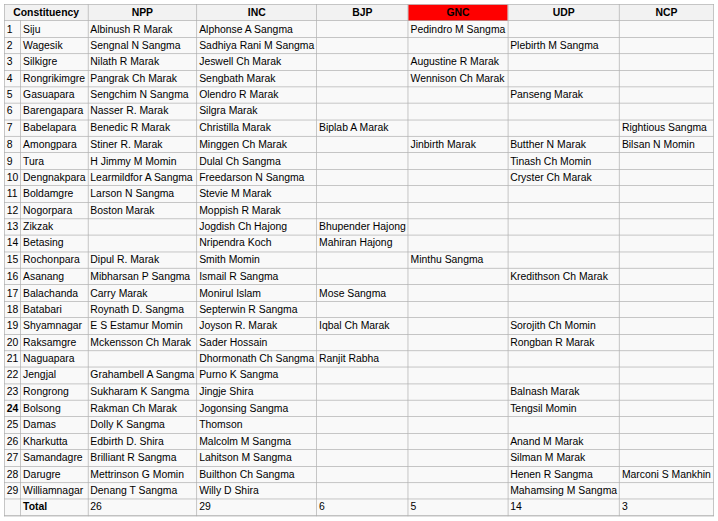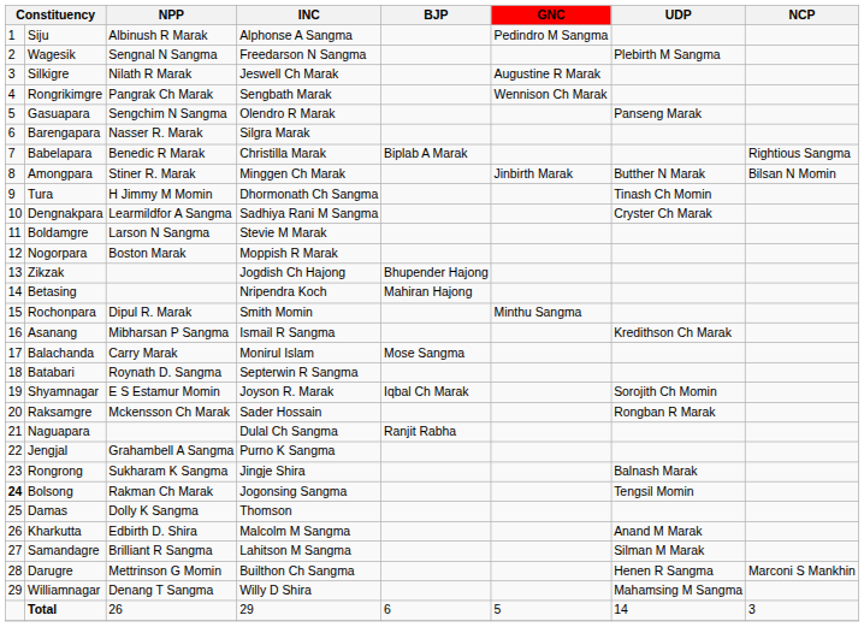 <table class="wikitable">
 <tr>
 <th colspan="2">Constituency</th>
 <th colspan="1" style="background-color:">NPP</th>
 <th colspan="1" style="background-color:">INC</th>
 <th colspan="1" style="background-color:">BJP</th>
 <th colspan="1" style="background-color:#FF0000">GNC</th>
 <th colspan="1" style="background-color:">UDP</th>
 <th colspan="1" style="background-color:">NCP</th>
 </tr>
 <tr>
 <td>1</td>
 <td>Siju</td>
 <td>Albinush R Marak</td>
 <td>Alphonse A Sangma</td>
 <td></td>
 <td>Pedindro M Sangma</td>
 <td></td>
 <td></td>
 </tr>
 <tr>
 <td>2</td>
 <td>Wagesik</td>
 <td>Sengnal N Sangma</td>
-<td>Sadhiya Rani M Sangma</td>
+<td>Freedarson N Sangma</td>
 <td></td>
 <td></td>
 <td>Plebirth M Sangma</td>
 <td></td>
 </tr>
 <tr>
 <td>3</td>
 <td>Silkigre</td>
 <td>Nilath R Marak</td>
 <td>Jeswell Ch Marak</td>
 <td></td>
 <td>Augustine R Marak</td>
 <td></td>
 <td></td>
 </tr>
 <tr>
 <td>4</td>
 <td>Rongrikimgre</td>
 <td>Pangrak Ch Marak</td>
 <td>Sengbath Marak</td>
 <td></td>
 <td>Wennison Ch Marak</td>
 <td></td>
 <td></td>
 </tr>
 <tr>
 <td>5</td>
 <td>Gasuapara</td>
 <td>Sengchim N Sangma</td>
 <td>Olendro R Marak</td>
 <td></td>
 <td></td>
 <td>Panseng Marak</td>
 <td></td>
 </tr>
 <tr>
 <td>6</td>
 <td>Barengapara</td>
 <td>Nasser R. Marak</td>
 <td>Silgra Marak</td>
 <td></td>
 <td></td>
 <td></td>
 <td></td>
 </tr>
 <tr>
 <td>7</td>
 <td>Babelapara</td>
 <td>Benedic R Marak</td>
 <td>Christilla Marak</td>
 <td>Biplab A Marak</td>
 <td></td>
 <td></td>
 <td>Rightious Sangma</td>
 </tr>
 <tr>
 <td>8</td>
 <td>Amongpara</td>
 <td>Stiner R. Marak</td>
 <td>Minggen Ch Marak</td>
 <td></td>
 <td>Jinbirth Marak</td>
 <td>Butther N Marak</td>
 <td>Bilsan N Momin</td>
 </tr>
 <tr>
 <td>9</td>
 <td>Tura</td>
 <td>H Jimmy M Momin</td>
-<td>Dulal Ch Sangma</td>
+<td>Dhormonath Ch Sangma</td>
 <td></td>
 <td></td>
 <td>Tinash Ch Momin</td>
 <td></td>
 </tr>
 <tr>
 <td>10</td>
 <td>Dengnakpara</td>
 <td>Learmildfor A Sangma</td>
-<td>Freedarson N Sangma</td>
+<td>Sadhiya Rani M Sangma</td>
 <td></td>
 <td></td>
 <td>Cryster Ch Marak</td>
 <td></td>
 </tr>
 <tr>
 <td>11</td>
 <td>Boldamgre</td>
 <td>Larson N Sangma</td>
 <td>Stevie M Marak</td>
 <td></td>
 <td></td>
 <td></td>
 <td></td>
 </tr>
 <tr>
 <td>12</td>
 <td>Nogorpara</td>
 <td>Boston Marak</td>
 <td>Moppish R Marak</td>
 <td></td>
 <td></td>
 <td></td>
 <td></td>
 </tr>
 <tr>
 <td>13</td>
 <td>Zikzak</td>
 <td></td>
 <td>Jogdish Ch Hajong</td>
 <td>Bhupender Hajong</td>
 <td></td>
 <td></td>
 <td></td>
 </tr>
 <tr>
 <td>14</td>
 <td>Betasing</td>
 <td></td>
 <td>Nripendra Koch</td>
 <td>Mahiran Hajong</td>
 <td></td>
 <td></td>
 <td></td>
 </tr>
 <tr>
 <td>15</td>
 <td>Rochonpara</td>
 <td>Dipul R. Marak</td>
 <td>Smith Momin</td>
 <td></td>
 <td>Minthu Sangma</td>
 <td></td>
 <td></td>
 </tr>
 <tr>
 <td>16</td>
 <td>Asanang</td>
 <td>Mibharsan P Sangma</td>
 <td>Ismail R Sangma</td>
 <td></td>
 <td></td>
 <td>Kredithson Ch Marak</td>
 <td></td>
 </tr>
 <tr>
 <td>17</td>
 <td>Balachanda</td>
 <td>Carry Marak</td>
 <td>Monirul Islam</td>
 <td>Mose Sangma</td>
 <td></td>
 <td></td>
 <td></td>
 </tr>
 <tr>
 <td>18</td>
 <td>Batabari</td>
 <td>Roynath D. Sangma</td>
 <td>Septerwin R Sangma</td>
 <td></td>
 <td></td>
 <td></td>
 <td></td>
 </tr>
 <tr>
 <td>19</td>
 <td>Shyamnagar</td>
 <td>E S Estamur Momin</td>
 <td>Joyson R. Marak</td>
 <td>Iqbal Ch Marak</td>
 <td></td>
 <td>Sorojith Ch Momin</td>
 <td></td>
 </tr>
 <tr>
 <td>20</td>
 <td>Raksamgre</td>
 <td>Mckensson Ch Marak</td>
 <td>Sader Hossain</td>
 <td></td>
 <td></td>
 <td>Rongban R Marak</td>
 <td></td>
 </tr>
 <tr>
 <td>21</td>
 <td>Naguapara</td>
 <td></td>
-<td>Dhormonath Ch Sangma</td>
+<td>Dulal Ch Sangma</td>
 <td>Ranjit Rabha</td>
 <td></td>
 <td></td>
 <td></td>
 </tr>
 <tr>
 <td>22</td>
 <td>Jengjal</td>
 <td>Grahambell A Sangma</td>
 <td>Purno K Sangma</td>
 <td></td>
 <td></td>
 <td></td>
 <td></td>
 </tr>
 <tr>
 <td>23</td>
 <td>Rongrong</td>
 <td>Sukharam K Sangma</td>
 <td>Jingje Shira</td>
 <td></td>
 <td></td>
 <td>Balnash Marak</td>
 <td></td>
 </tr>
 <tr>
 <td><strong>24</strong></td>
 <td>Bolsong</td>
 <td>Rakman Ch Marak</td>
 <td>Jogonsing Sangma</td>
 <td></td>
 <td></td>
 <td>Tengsil Momin</td>
 <td></td>
 </tr>
 <tr>
 <td>25</td>
 <td>Damas</td>
 <td>Dolly K Sangma</td>
 <td>Thomson</td>
 <td></td>
 <td></td>
 <td></td>
 <td></td>
 </tr>
 <tr>
 <td>26</td>
 <td>Kharkutta</td>
 <td>Edbirth D. Shira</td>
 <td>Malcolm M Sangma</td>
 <td></td>
 <td></td>
 <td>Anand M Marak</td>
 <td></td>
 </tr>
 <tr>
 <td>27</td>
 <td>Samandagre</td>
 <td>Brilliant R Sangma</td>
 <td>Lahitson M Sangma</td>
 <td></td>
 <td></td>
 <td>Silman M Marak</td>
 <td></td>
 </tr>
 <tr>
 <td>28</td>
 <td>Darugre</td>
 <td>Mettrinson G Momin</td>
 <td>Builthon Ch Sangma</td>
 <td></td>
 <td></td>
 <td>Henen R Sangma</td>
 <td>Marconi S Mankhin</td>
 </tr>
 <tr>
 <td>29</td>
 <td>Williamnagar</td>
 <td>Denang T Sangma</td>
 <td>Willy D Shira</td>
 <td></td>
 <td></td>
 <td>Mahamsing M Sangma</td>
 <td></td>
 </tr>
 <tr>
 <td></td>
 <td><strong>Total</strong></td>
 <td>26</td>
 <td>29</td>
 <td>6</td>
 <td>5</td>
 <td>14</td>
 <td>3</td>
 </tr>
 <tr>
 </tr>
 </table>
